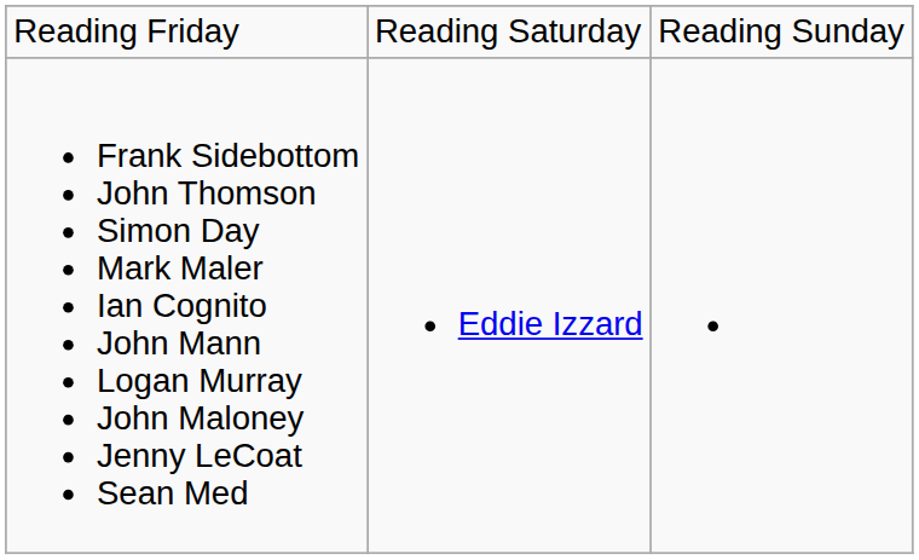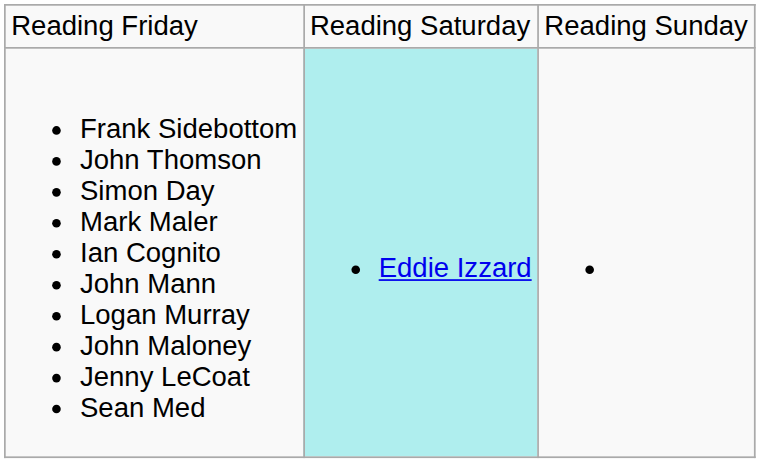 <table class="wikitable">
 <tr>
 <td>Reading Friday</td>
 <td>Reading Saturday</td>
 <td>Reading Sunday</td>
 </tr>
 <tr>
 <td><br><ul><li>Frank Sidebottom</li><li>John Thomson</li><li>Simon Day</li><li>Mark Maler</li><li>Ian Cognito</li><li>John Mann</li><li>Logan Murray</li><li>John Maloney</li><li>Jenny LeCoat</li><li>Sean Med</li></ul></td>
-<td><br><ul><li><a href='#'>Eddie Izzard</a></li></ul></td>
+<td style="background: paleturquoise;"><br><ul><li><a href='#'>Eddie Izzard</a></li></ul></td>
 <td><br><ul><li></li></ul></td>
 </tr>
 </table>
